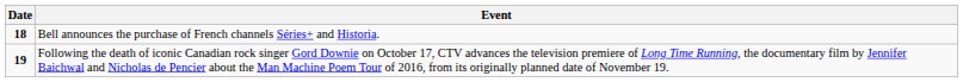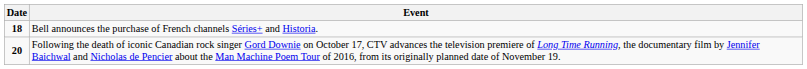 <table class="wikitable">
 <tr>
 <th>Date</th>
 <th>Event</th>
 </tr>
 <tr>
 <td style="text-align:center;"><strong>18</strong></td>
 <td>Bell announces the purchase of French channels <a href='#'>Séries+</a> and <a href='#'>Historia</a>.</td>
 </tr>
 <tr>
-<td style="text-align:center;"><strong>19</strong></td>
+<td style="text-align:center;"><strong>20</strong></td>
 <td>Following the death of iconic Canadian rock singer <a href='#'>Gord Downie</a> on October 17, CTV advances the television premiere of <em><a href='#'>Long Time Running</a></em>, the documentary film by <a href='#'>Jennifer Baichwal</a> and <a href='#'>Nicholas de Pencier</a> about the <a href='#'>Man Machine Poem Tour</a> of 2016, from its originally planned date of November 19.</td>
 </tr>
 </table>
